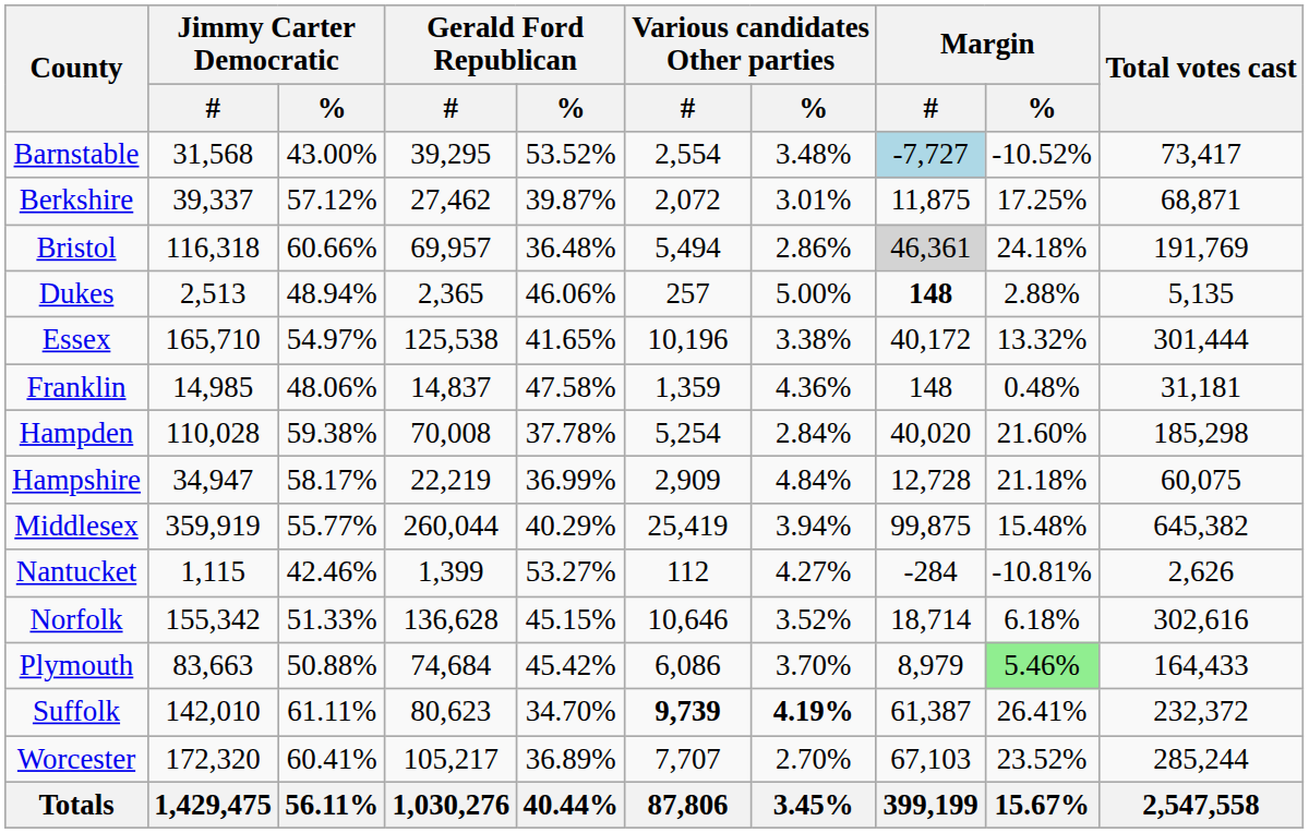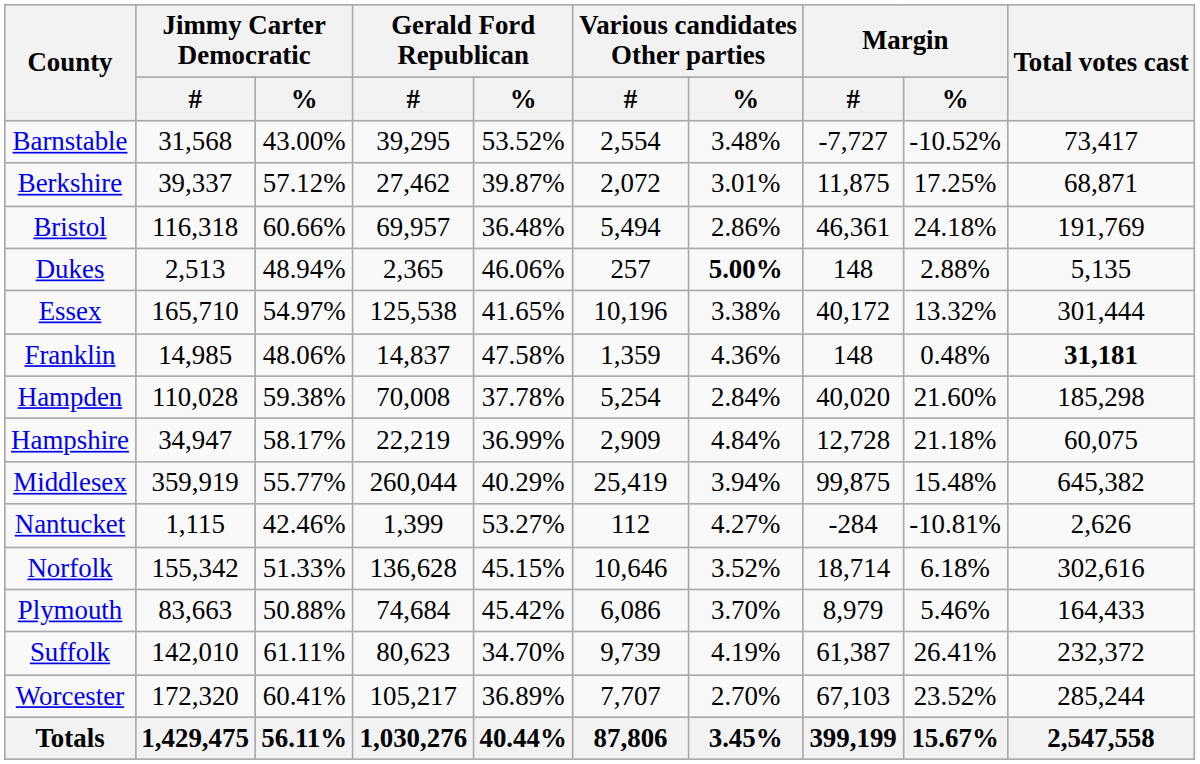 <table class="wikitable sortable" style="text-align:center">
 <tr>
 <th style="text-align:center;" rowspan="2">County</th>
 <th style="text-align:center;" colspan="2">Jimmy Carter<br>Democratic</th>
 <th style="text-align:center;" colspan="2">Gerald Ford<br>Republican</th>
 <th style="text-align:center;" colspan="2">Various candidates<br>Other parties</th>
 <th style="text-align:center;" colspan="2">Margin</th>
 <th style="text-align:center;" rowspan="2">Total votes cast</th>
 </tr>
 <tr>
 <th data-sort-type="number">#</th>
 <th data-sort-type="number">%</th>
 <th data-sort-type="number">#</th>
 <th data-sort-type="number">%</th>
 <th data-sort-type="number">#</th>
 <th data-sort-type="number">%</th>
 <th data-sort-type="number">#</th>
 <th data-sort-type="number">%</th>
 </tr>
 <tr style="text-align:center;">
 <td><a href='#'>Barnstable</a></td>
 <td>31,568</td>
 <td>43.00%</td>
 <td>39,295</td>
 <td>53.52%</td>
 <td>2,554</td>
 <td>3.48%</td>
-<td style="background: lightblue;">-7,727</td>
+<td>-7,727</td>
 <td>-10.52%</td>
 <td>73,417</td>
 </tr>
 <tr style="text-align:center;">
 <td><a href='#'>Berkshire</a></td>
 <td>39,337</td>
 <td>57.12%</td>
 <td>27,462</td>
 <td>39.87%</td>
 <td>2,072</td>
 <td>3.01%</td>
 <td>11,875</td>
 <td>17.25%</td>
 <td>68,871</td>
 </tr>
 <tr style="text-align:center;">
 <td><a href='#'>Bristol</a></td>
 <td>116,318</td>
 <td>60.66%</td>
 <td>69,957</td>
 <td>36.48%</td>
 <td>5,494</td>
 <td>2.86%</td>
-<td style="background: lightgrey;">46,361</td>
+<td>46,361</td>
 <td>24.18%</td>
 <td>191,769</td>
 </tr>
 <tr style="text-align:center;">
 <td><a href='#'>Dukes</a></td>
 <td>2,513</td>
 <td>48.94%</td>
 <td>2,365</td>
 <td>46.06%</td>
 <td>257</td>
-<td>5.00%</td>
-<td><strong>148</strong></td>
+<td><strong>5.00%</strong></td>
+<td>148</td>
 <td>2.88%</td>
 <td>5,135</td>
 </tr>
 <tr style="text-align:center;">
 <td><a href='#'>Essex</a></td>
 <td>165,710</td>
 <td>54.97%</td>
 <td>125,538</td>
 <td>41.65%</td>
 <td>10,196</td>
 <td>3.38%</td>
 <td>40,172</td>
 <td>13.32%</td>
 <td>301,444</td>
 </tr>
 <tr style="text-align:center;">
 <td><a href='#'>Franklin</a></td>
 <td>14,985</td>
 <td>48.06%</td>
 <td>14,837</td>
 <td>47.58%</td>
 <td>1,359</td>
 <td>4.36%</td>
 <td>148</td>
 <td>0.48%</td>
-<td>31,181</td>
+<td><strong>31,181</strong></td>
 </tr>
 <tr style="text-align:center;">
 <td><a href='#'>Hampden</a></td>
 <td>110,028</td>
 <td>59.38%</td>
 <td>70,008</td>
 <td>37.78%</td>
 <td>5,254</td>
 <td>2.84%</td>
 <td>40,020</td>
 <td>21.60%</td>
 <td>185,298</td>
 </tr>
 <tr style="text-align:center;">
 <td><a href='#'>Hampshire</a></td>
 <td>34,947</td>
 <td>58.17%</td>
 <td>22,219</td>
 <td>36.99%</td>
 <td>2,909</td>
 <td>4.84%</td>
 <td>12,728</td>
 <td>21.18%</td>
 <td>60,075</td>
 </tr>
 <tr style="text-align:center;">
 <td><a href='#'>Middlesex</a></td>
 <td>359,919</td>
 <td>55.77%</td>
 <td>260,044</td>
 <td>40.29%</td>
 <td>25,419</td>
 <td>3.94%</td>
 <td>99,875</td>
 <td>15.48%</td>
 <td>645,382</td>
 </tr>
 <tr style="text-align:center;">
 <td><a href='#'>Nantucket</a></td>
 <td>1,115</td>
 <td>42.46%</td>
 <td>1,399</td>
 <td>53.27%</td>
 <td>112</td>
 <td>4.27%</td>
 <td>-284</td>
 <td>-10.81%</td>
 <td>2,626</td>
 </tr>
 <tr style="text-align:center;">
 <td><a href='#'>Norfolk</a></td>
 <td>155,342</td>
 <td>51.33%</td>
 <td>136,628</td>
 <td>45.15%</td>
 <td>10,646</td>
 <td>3.52%</td>
 <td>18,714</td>
 <td>6.18%</td>
 <td>302,616</td>
 </tr>
 <tr style="text-align:center;">
 <td><a href='#'>Plymouth</a></td>
 <td>83,663</td>
 <td>50.88%</td>
 <td>74,684</td>
 <td>45.42%</td>
 <td>6,086</td>
 <td>3.70%</td>
 <td>8,979</td>
-<td style="background: lightgreen;">5.46%</td>
+<td>5.46%</td>
 <td>164,433</td>
 </tr>
 <tr style="text-align:center;">
 <td><a href='#'>Suffolk</a></td>
 <td>142,010</td>
 <td>61.11%</td>
 <td>80,623</td>
 <td>34.70%</td>
-<td><strong>9,739</strong></td>
-<td><strong>4.19%</strong></td>
+<td>9,739</td>
+<td>4.19%</td>
 <td>61,387</td>
 <td>26.41%</td>
 <td>232,372</td>
 </tr>
 <tr style="text-align:center;">
 <td><a href='#'>Worcester</a></td>
 <td>172,320</td>
 <td>60.41%</td>
 <td>105,217</td>
 <td>36.89%</td>
 <td>7,707</td>
 <td>2.70%</td>
 <td>67,103</td>
 <td>23.52%</td>
 <td>285,244</td>
 </tr>
 <tr style="text-align:center;">
 <th>Totals</th>
 <th>1,429,475</th>
 <th>56.11%</th>
 <th>1,030,276</th>
 <th>40.44%</th>
 <th>87,806</th>
 <th>3.45%</th>
 <th>399,199</th>
 <th>15.67%</th>
 <th>2,547,558</th>
 </tr>
 </table>
